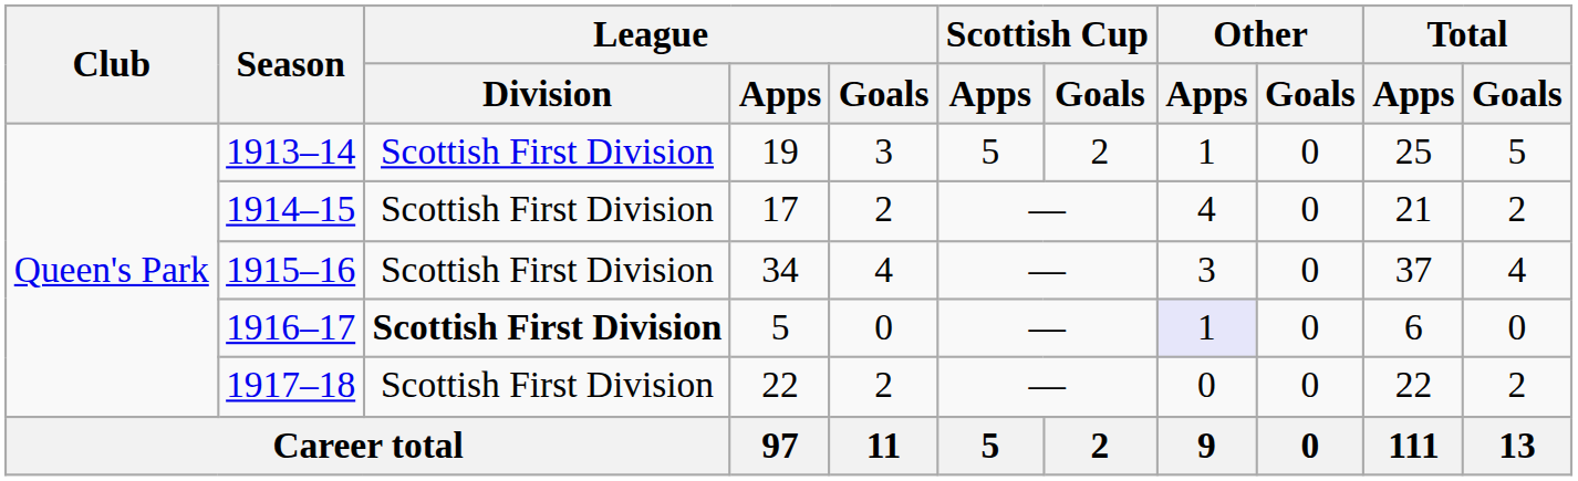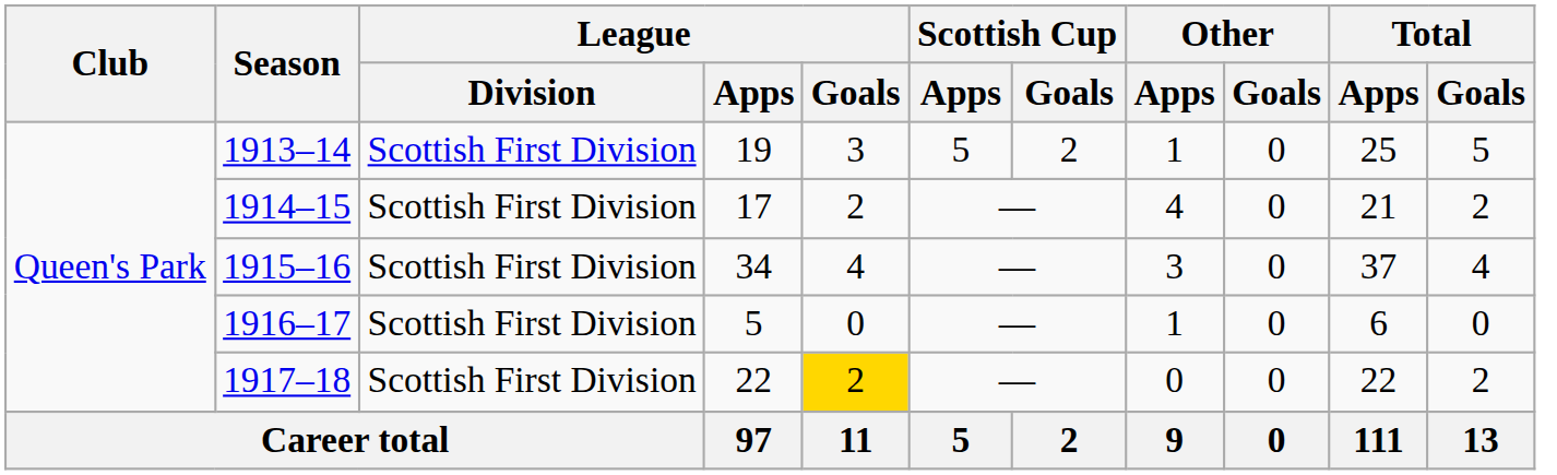 <table class="wikitable" style="text-align: center;">
 <tr>
 <th rowspan="2">Club</th>
 <th rowspan="2">Season</th>
 <th colspan="3">League</th>
 <th colspan="2">Scottish Cup</th>
 <th colspan="2">Other</th>
 <th colspan="2">Total</th>
 </tr>
 <tr>
 <th>Division</th>
 <th>Apps</th>
 <th>Goals</th>
 <th>Apps</th>
 <th>Goals</th>
 <th>Apps</th>
 <th>Goals</th>
 <th>Apps</th>
 <th>Goals</th>
 </tr>
 <tr>
 <td rowspan="5"><a href='#'>Queen's Park</a></td>
 <td><a href='#'>1913–14</a></td>
 <td><a href='#'>Scottish First Division</a></td>
 <td>19</td>
 <td>3</td>
 <td>5</td>
 <td>2</td>
 <td>1</td>
 <td>0</td>
 <td>25</td>
 <td>5</td>
 </tr>
 <tr>
 <td><a href='#'>1914–15</a></td>
 <td>Scottish First Division</td>
 <td>17</td>
 <td>2</td>
 <td colspan="2">—</td>
 <td>4</td>
 <td>0</td>
 <td>21</td>
 <td>2</td>
 </tr>
 <tr>
 <td><a href='#'>1915–16</a></td>
 <td>Scottish First Division</td>
 <td>34</td>
 <td>4</td>
 <td colspan="2">—</td>
 <td>3</td>
 <td>0</td>
 <td>37</td>
 <td>4</td>
 </tr>
 <tr>
 <td><a href='#'>1916–17</a></td>
-<td><strong>Scottish First Division</strong></td>
+<td>Scottish First Division</td>
 <td>5</td>
 <td>0</td>
 <td colspan="2">—</td>
-<td style="background: lavender;">1</td>
+<td>1</td>
 <td>0</td>
 <td>6</td>
 <td>0</td>
 </tr>
 <tr>
 <td><a href='#'>1917–18</a></td>
 <td>Scottish First Division</td>
 <td>22</td>
-<td>2</td>
+<td style="background: gold;">2</td>
 <td colspan="2">—</td>
 <td>0</td>
 <td>0</td>
 <td>22</td>
 <td>2</td>
 </tr>
 <tr>
 <th colspan="3">Career total</th>
 <th>97</th>
 <th>11</th>
 <th>5</th>
 <th>2</th>
 <th>9</th>
 <th>0</th>
 <th>111</th>
 <th>13</th>
 </tr>
 </table>
